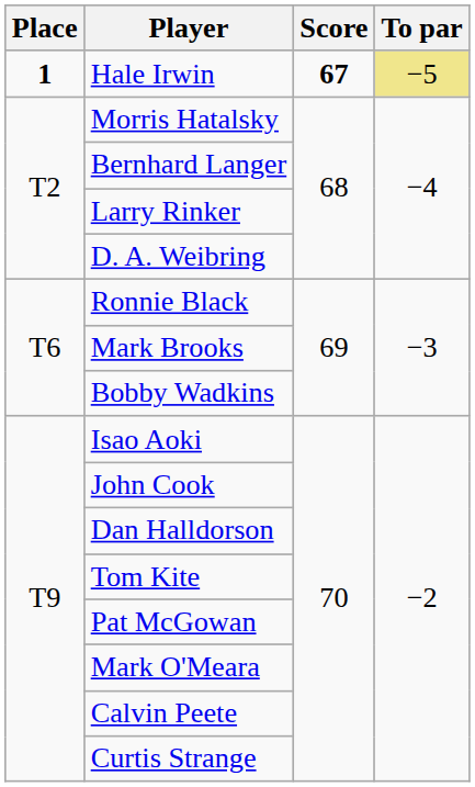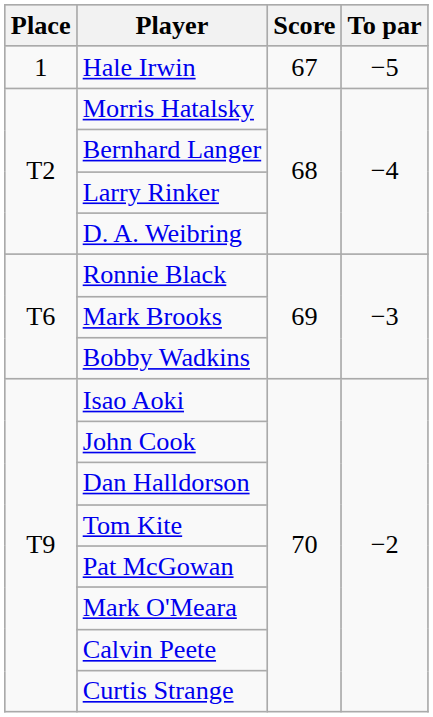 <table class="wikitable">
 <tr>
 <th>Place</th>
 <th>Player</th>
 <th>Score</th>
 <th>To par</th>
 </tr>
 <tr>
-<td align=center><strong>1</strong></td>
+<td align=center>1</td>
 <td> <a href='#'>Hale Irwin</a></td>
-<td align=center><strong>67</strong></td>
-<td align=center style="background: khaki;">−5</td>
+<td align=center>67</td>
+<td align=center>−5</td>
 </tr>
 <tr>
 <td rowspan=4 align=center>T2</td>
 <td> <a href='#'>Morris Hatalsky</a></td>
 <td rowspan=4 align=center>68</td>
 <td rowspan=4 align=center>−4</td>
 </tr>
 <tr>
 <td> <a href='#'>Bernhard Langer</a></td>
 </tr>
 <tr>
 <td> <a href='#'>Larry Rinker</a></td>
 </tr>
 <tr>
 <td> <a href='#'>D. A. Weibring</a></td>
 </tr>
 <tr>
 <td rowspan=3 align=center>T6</td>
 <td> <a href='#'>Ronnie Black</a></td>
 <td rowspan=3 align=center>69</td>
 <td rowspan=3 align=center>−3</td>
 </tr>
 <tr>
 <td> <a href='#'>Mark Brooks</a></td>
 </tr>
 <tr>
 <td> <a href='#'>Bobby Wadkins</a></td>
 </tr>
 <tr>
 <td rowspan=8 align=center>T9</td>
 <td> <a href='#'>Isao Aoki</a></td>
 <td rowspan=8 align=center>70</td>
 <td rowspan=8 align=center>−2</td>
 </tr>
 <tr>
 <td> <a href='#'>John Cook</a></td>
 </tr>
 <tr>
 <td> <a href='#'>Dan Halldorson</a></td>
 </tr>
 <tr>
 <td> <a href='#'>Tom Kite</a></td>
 </tr>
 <tr>
 <td> <a href='#'>Pat McGowan</a></td>
 </tr>
 <tr>
 <td> <a href='#'>Mark O'Meara</a></td>
 </tr>
 <tr>
 <td> <a href='#'>Calvin Peete</a></td>
 </tr>
 <tr>
 <td> <a href='#'>Curtis Strange</a></td>
 </tr>
 </table>
